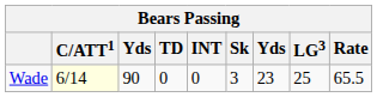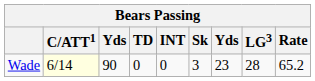 <table class="wikitable">
 <tr>
 <th colspan="9">Bears Passing</th>
 </tr>
 <tr>
 <th></th>
 <th>C/ATT<sup>1</sup></th>
 <th>Yds</th>
 <th>TD</th>
 <th>INT</th>
 <th>Sk</th>
 <th>Yds</th>
 <th>LG<sup>3</sup></th>
 <th>Rate</th>
 </tr>
 <tr>
 <td><a href='#'>Wade</a></td>
 <td style="background: lightyellow;">6/14</td>
 <td>90</td>
 <td>0</td>
 <td>0</td>
 <td>3</td>
 <td>23</td>
-<td>25</td>
-<td>65.5</td>
+<td>28</td>
+<td>65.2</td>
 </tr>
 </table>
